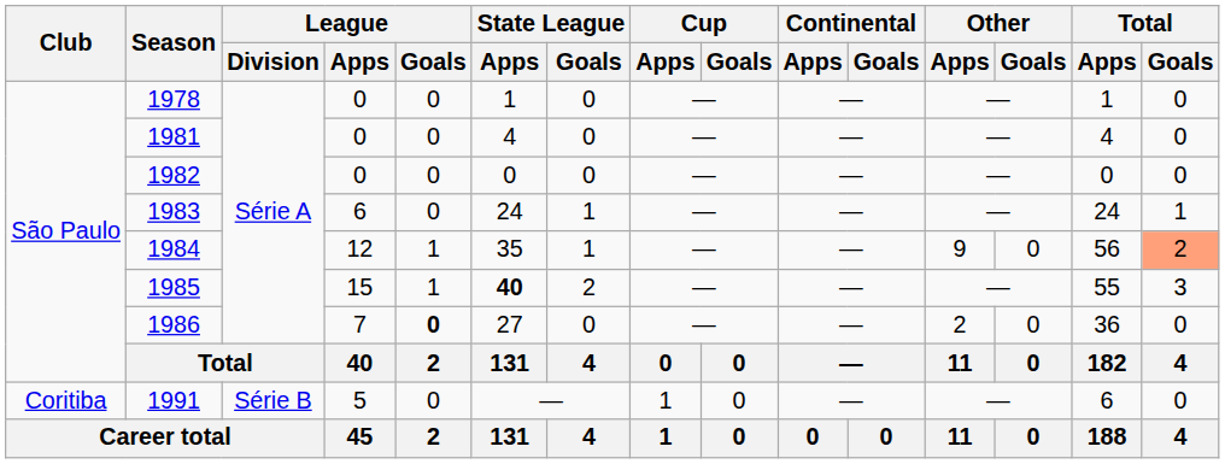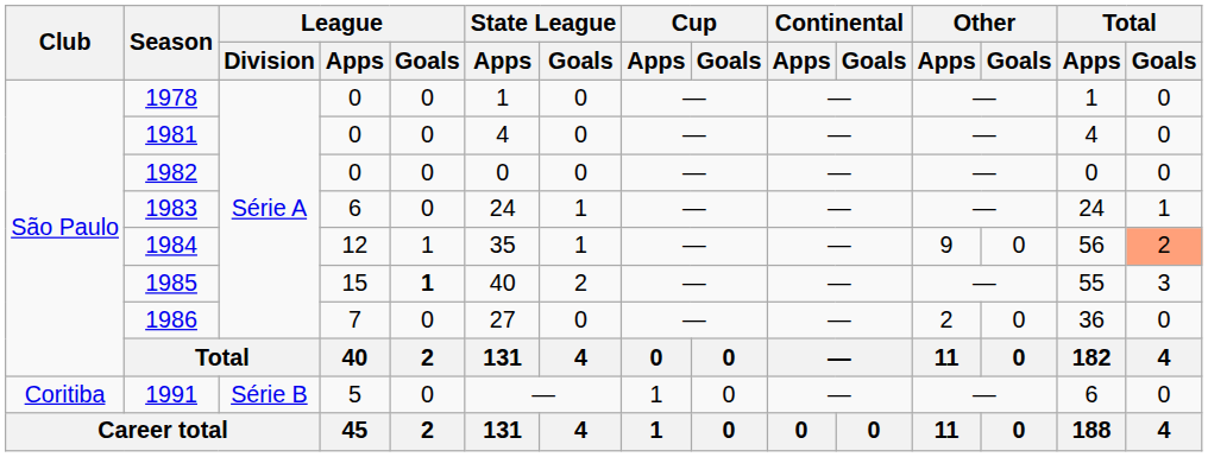 <table class="wikitable" style="text-align: center;">
 <tr>
 <th rowspan="2">Club</th>
 <th rowspan="2">Season</th>
 <th colspan="3">League</th>
 <th colspan="2">State League</th>
 <th colspan="2">Cup</th>
 <th colspan="2">Continental</th>
 <th colspan="2">Other</th>
 <th colspan="2">Total</th>
 </tr>
 <tr>
 <th>Division</th>
 <th>Apps</th>
 <th>Goals</th>
 <th>Apps</th>
 <th>Goals</th>
 <th>Apps</th>
 <th>Goals</th>
 <th>Apps</th>
 <th>Goals</th>
 <th>Apps</th>
 <th>Goals</th>
 <th>Apps</th>
 <th>Goals</th>
 </tr>
 <tr>
 <td rowspan="8" valign="center"><a href='#'>São Paulo</a></td>
 <td><a href='#'>1978</a></td>
 <td rowspan="7"><a href='#'>Série A</a></td>
 <td>0</td>
 <td>0</td>
 <td>1</td>
 <td>0</td>
 <td colspan="2">—</td>
 <td colspan="2">—</td>
 <td colspan="2">—</td>
 <td>1</td>
 <td>0</td>
 </tr>
 <tr>
 <td><a href='#'>1981</a></td>
 <td>0</td>
 <td>0</td>
 <td>4</td>
 <td>0</td>
 <td colspan="2">—</td>
 <td colspan="2">—</td>
 <td colspan="2">—</td>
 <td>4</td>
 <td>0</td>
 </tr>
 <tr>
 <td><a href='#'>1982</a></td>
 <td>0</td>
 <td>0</td>
 <td>0</td>
 <td>0</td>
 <td colspan="2">—</td>
 <td colspan="2">—</td>
 <td colspan="2">—</td>
 <td>0</td>
 <td>0</td>
 </tr>
 <tr>
 <td><a href='#'>1983</a></td>
 <td>6</td>
 <td>0</td>
 <td>24</td>
 <td>1</td>
 <td colspan="2">—</td>
 <td colspan="2">—</td>
 <td colspan="2">—</td>
 <td>24</td>
 <td>1</td>
 </tr>
 <tr>
 <td><a href='#'>1984</a></td>
 <td>12</td>
 <td>1</td>
 <td>35</td>
 <td>1</td>
 <td colspan="2">—</td>
 <td colspan="2">—</td>
 <td>9</td>
 <td>0</td>
 <td>56</td>
 <td style="background: lightsalmon;">2</td>
 </tr>
 <tr>
 <td><a href='#'>1985</a></td>
 <td>15</td>
-<td>1</td>
-<td><strong>40</strong></td>
+<td><strong>1</strong></td>
+<td>40</td>
 <td>2</td>
 <td colspan="2">—</td>
 <td colspan="2">—</td>
 <td colspan="2">—</td>
 <td>55</td>
 <td>3</td>
 </tr>
 <tr>
 <td><a href='#'>1986</a></td>
 <td>7</td>
-<td><strong>0</strong></td>
+<td>0</td>
 <td>27</td>
 <td>0</td>
 <td colspan="2">—</td>
 <td colspan="2">—</td>
 <td>2</td>
 <td>0</td>
 <td>36</td>
 <td>0</td>
 </tr>
 <tr>
 <th colspan="2">Total</th>
 <th>40</th>
 <th>2</th>
 <th>131</th>
 <th>4</th>
 <th>0</th>
 <th>0</th>
 <th colspan="2">—</th>
 <th>11</th>
 <th>0</th>
 <th>182</th>
 <th>4</th>
 </tr>
 <tr>
 <td valign="center"><a href='#'>Coritiba</a></td>
 <td><a href='#'>1991</a></td>
 <td><a href='#'>Série B</a></td>
 <td>5</td>
 <td>0</td>
 <td colspan="2">—</td>
 <td>1</td>
 <td>0</td>
 <td colspan="2">—</td>
 <td colspan="2">—</td>
 <td>6</td>
 <td>0</td>
 </tr>
 <tr>
 <th colspan="3"><strong>Career total</strong></th>
 <th>45</th>
 <th>2</th>
 <th>131</th>
 <th>4</th>
 <th>1</th>
 <th>0</th>
 <th>0</th>
 <th>0</th>
 <th>11</th>
 <th>0</th>
 <th>188</th>
 <th>4</th>
 </tr>
 </table>
